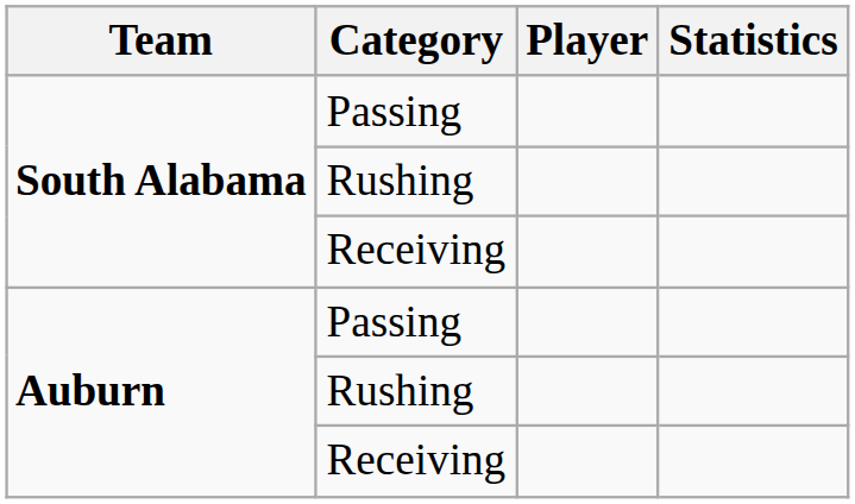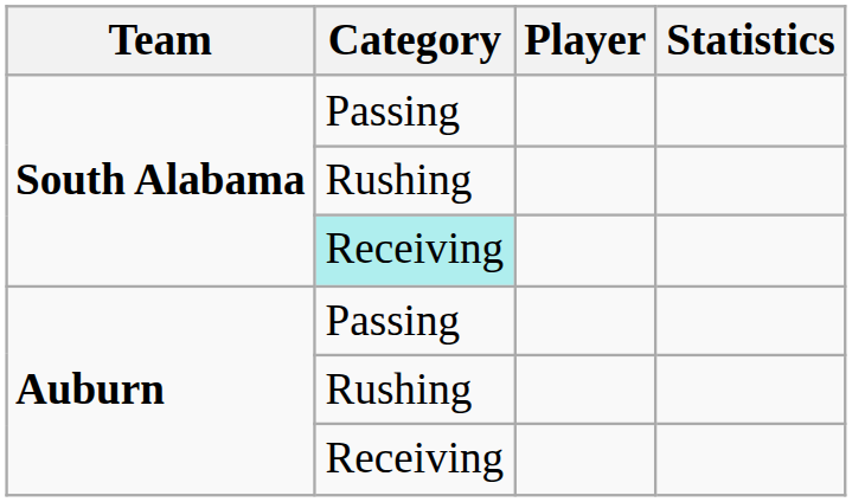 <table class="wikitable" style="float: right;">
 <tr>
 <th>Team</th>
 <th>Category</th>
 <th>Player</th>
 <th>Statistics</th>
 </tr>
 <tr>
 <td rowspan=3><strong>South Alabama</strong></td>
 <td>Passing</td>
 <td></td>
 <td></td>
 </tr>
 <tr>
 <td>Rushing</td>
 <td></td>
 <td></td>
 </tr>
 <tr>
-<td>Receiving</td>
+<td style="background: paleturquoise;">Receiving</td>
 <td></td>
 <td></td>
 </tr>
 <tr>
 <td rowspan=3><strong>Auburn</strong></td>
 <td>Passing</td>
 <td></td>
 <td></td>
 </tr>
 <tr>
 <td>Rushing</td>
 <td></td>
 <td></td>
 </tr>
 <tr>
 <td>Receiving</td>
 <td></td>
 <td></td>
 </tr>
 </table>
